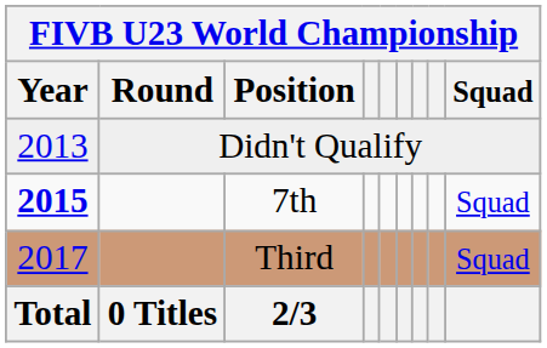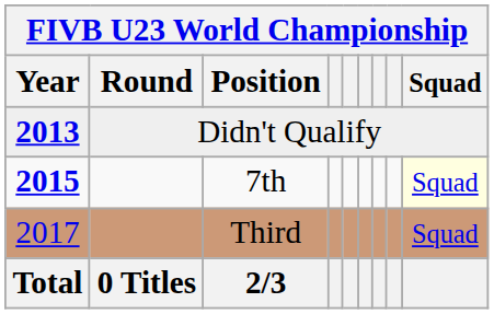 <table class="wikitable" style="text-align: center;">
 <tr>
 <th colspan=9><a href='#'>FIVB U23 World Championship</a></th>
 </tr>
 <tr>
 <th>Year</th>
 <th>Round</th>
 <th>Position</th>
 <th></th>
 <th></th>
 <th></th>
 <th></th>
 <th></th>
 <th><small>Squad</small></th>
 </tr>
 <tr bgcolor="efefef">
-<td> <a href='#'>2013</a></td>
+<td><strong> <a href='#'>2013</a></strong></td>
 <td colspan=9>Didn't Qualify</td>
 </tr>
 <tr>
 <td><strong> <a href='#'>2015</a></strong></td>
 <td></td>
 <td>7th</td>
 <td></td>
 <td></td>
 <td></td>
 <td></td>
 <td></td>
-<td><small><a href='#'>Squad</a></small></td>
+<td style="background: lightyellow;"><small><a href='#'>Squad</a></small></td>
 </tr>
 <tr bgcolor="cc9977">
 <td> <a href='#'>2017</a></td>
 <td></td>
 <td>Third</td>
 <td></td>
 <td></td>
 <td></td>
 <td></td>
 <td></td>
 <td><small><a href='#'>Squad</a></small></td>
 </tr>
 <tr>
 <th>Total</th>
 <th>0 Titles</th>
 <th>2/3</th>
 <th></th>
 <th></th>
 <th></th>
 <th></th>
 <th></th>
 <th></th>
 </tr>
 </table>
